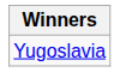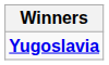 <table class=wikitable style="text-align:center; margin:auto">
 <tr>
 <th>Winners</th>
 </tr>
 <tr>
-<td> <a href='#'>Yugoslavia</a></td>
+<td><strong> <a href='#'>Yugoslavia</a></strong></td>
 </tr>
 </table>
